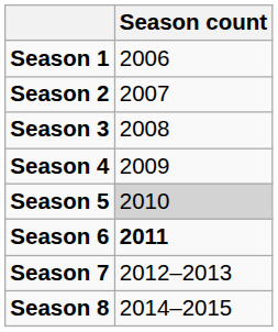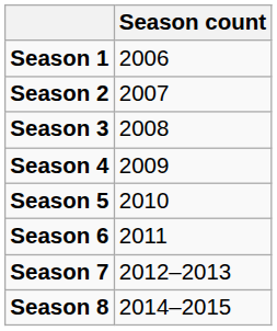 <table class="wikitable">
 <tr>
 <th></th>
 <th>Season count</th>
 </tr>
 <tr>
 <td><strong>Season 1</strong></td>
 <td>2006</td>
 </tr>
 <tr>
 <td><strong>Season 2</strong></td>
 <td>2007</td>
 </tr>
 <tr>
 <td><strong>Season 3</strong></td>
 <td>2008</td>
 </tr>
 <tr>
 <td><strong>Season 4</strong></td>
 <td>2009</td>
 </tr>
 <tr>
 <td><strong>Season 5</strong></td>
-<td style="background: lightgrey;">2010</td>
+<td>2010</td>
 </tr>
 <tr>
 <td><strong>Season 6</strong></td>
-<td><strong>2011</strong></td>
+<td>2011</td>
 </tr>
 <tr>
 <td><strong>Season 7</strong></td>
 <td>2012–2013</td>
 </tr>
 <tr>
 <td><strong>Season 8</strong></td>
 <td>2014–2015</td>
 </tr>
 </table>
